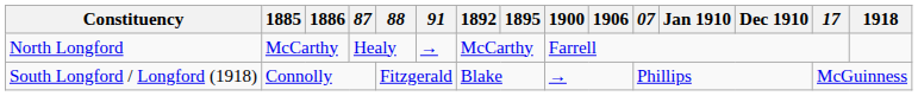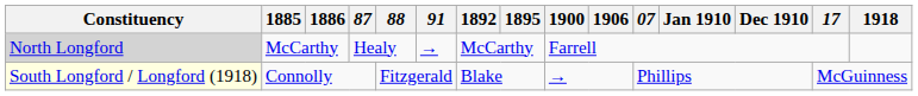 <table class="wikitable">
 <tr>
 <th>Constituency</th>
 <th>1885</th>
 <th>1886</th>
 <th><em>87</em></th>
 <th><em>88</em></th>
 <th><em>91</em></th>
 <th>1892</th>
 <th>1895</th>
 <th>1900</th>
 <th>1906</th>
 <th><em>07</em></th>
 <th>Jan 1910</th>
 <th>Dec 1910</th>
 <th><em>17</em></th>
 <th>1918</th>
 </tr>
 <tr>
-<td><a href='#'>North Longford</a></td>
+<td style="background: lightgrey;"><a href='#'>North Longford</a></td>
 <td colspan="2"><a href='#'>McCarthy</a></td>
 <td colspan="2"><a href='#'>Healy</a></td>
 <td><a href='#'>→</a></td>
 <td colspan="2"><a href='#'>McCarthy</a></td>
 <td colspan="6"><a href='#'>Farrell</a></td>
 <td></td>
 </tr>
 <tr>
-<td><a href='#'>South Longford</a> / <a href='#'>Longford</a> (1918)</td>
+<td style="background: lightyellow;"><a href='#'>South Longford</a> / <a href='#'>Longford</a> (1918)</td>
 <td colspan="3"><a href='#'>Connolly</a></td>
 <td colspan="2"><a href='#'>Fitzgerald</a></td>
 <td colspan="2"><a href='#'>Blake</a></td>
 <td colspan="2"><a href='#'>→</a></td>
 <td colspan="3"><a href='#'>Phillips</a></td>
 <td colspan="2"><a href='#'>McGuinness</a></td>
 </tr>
 </table>
